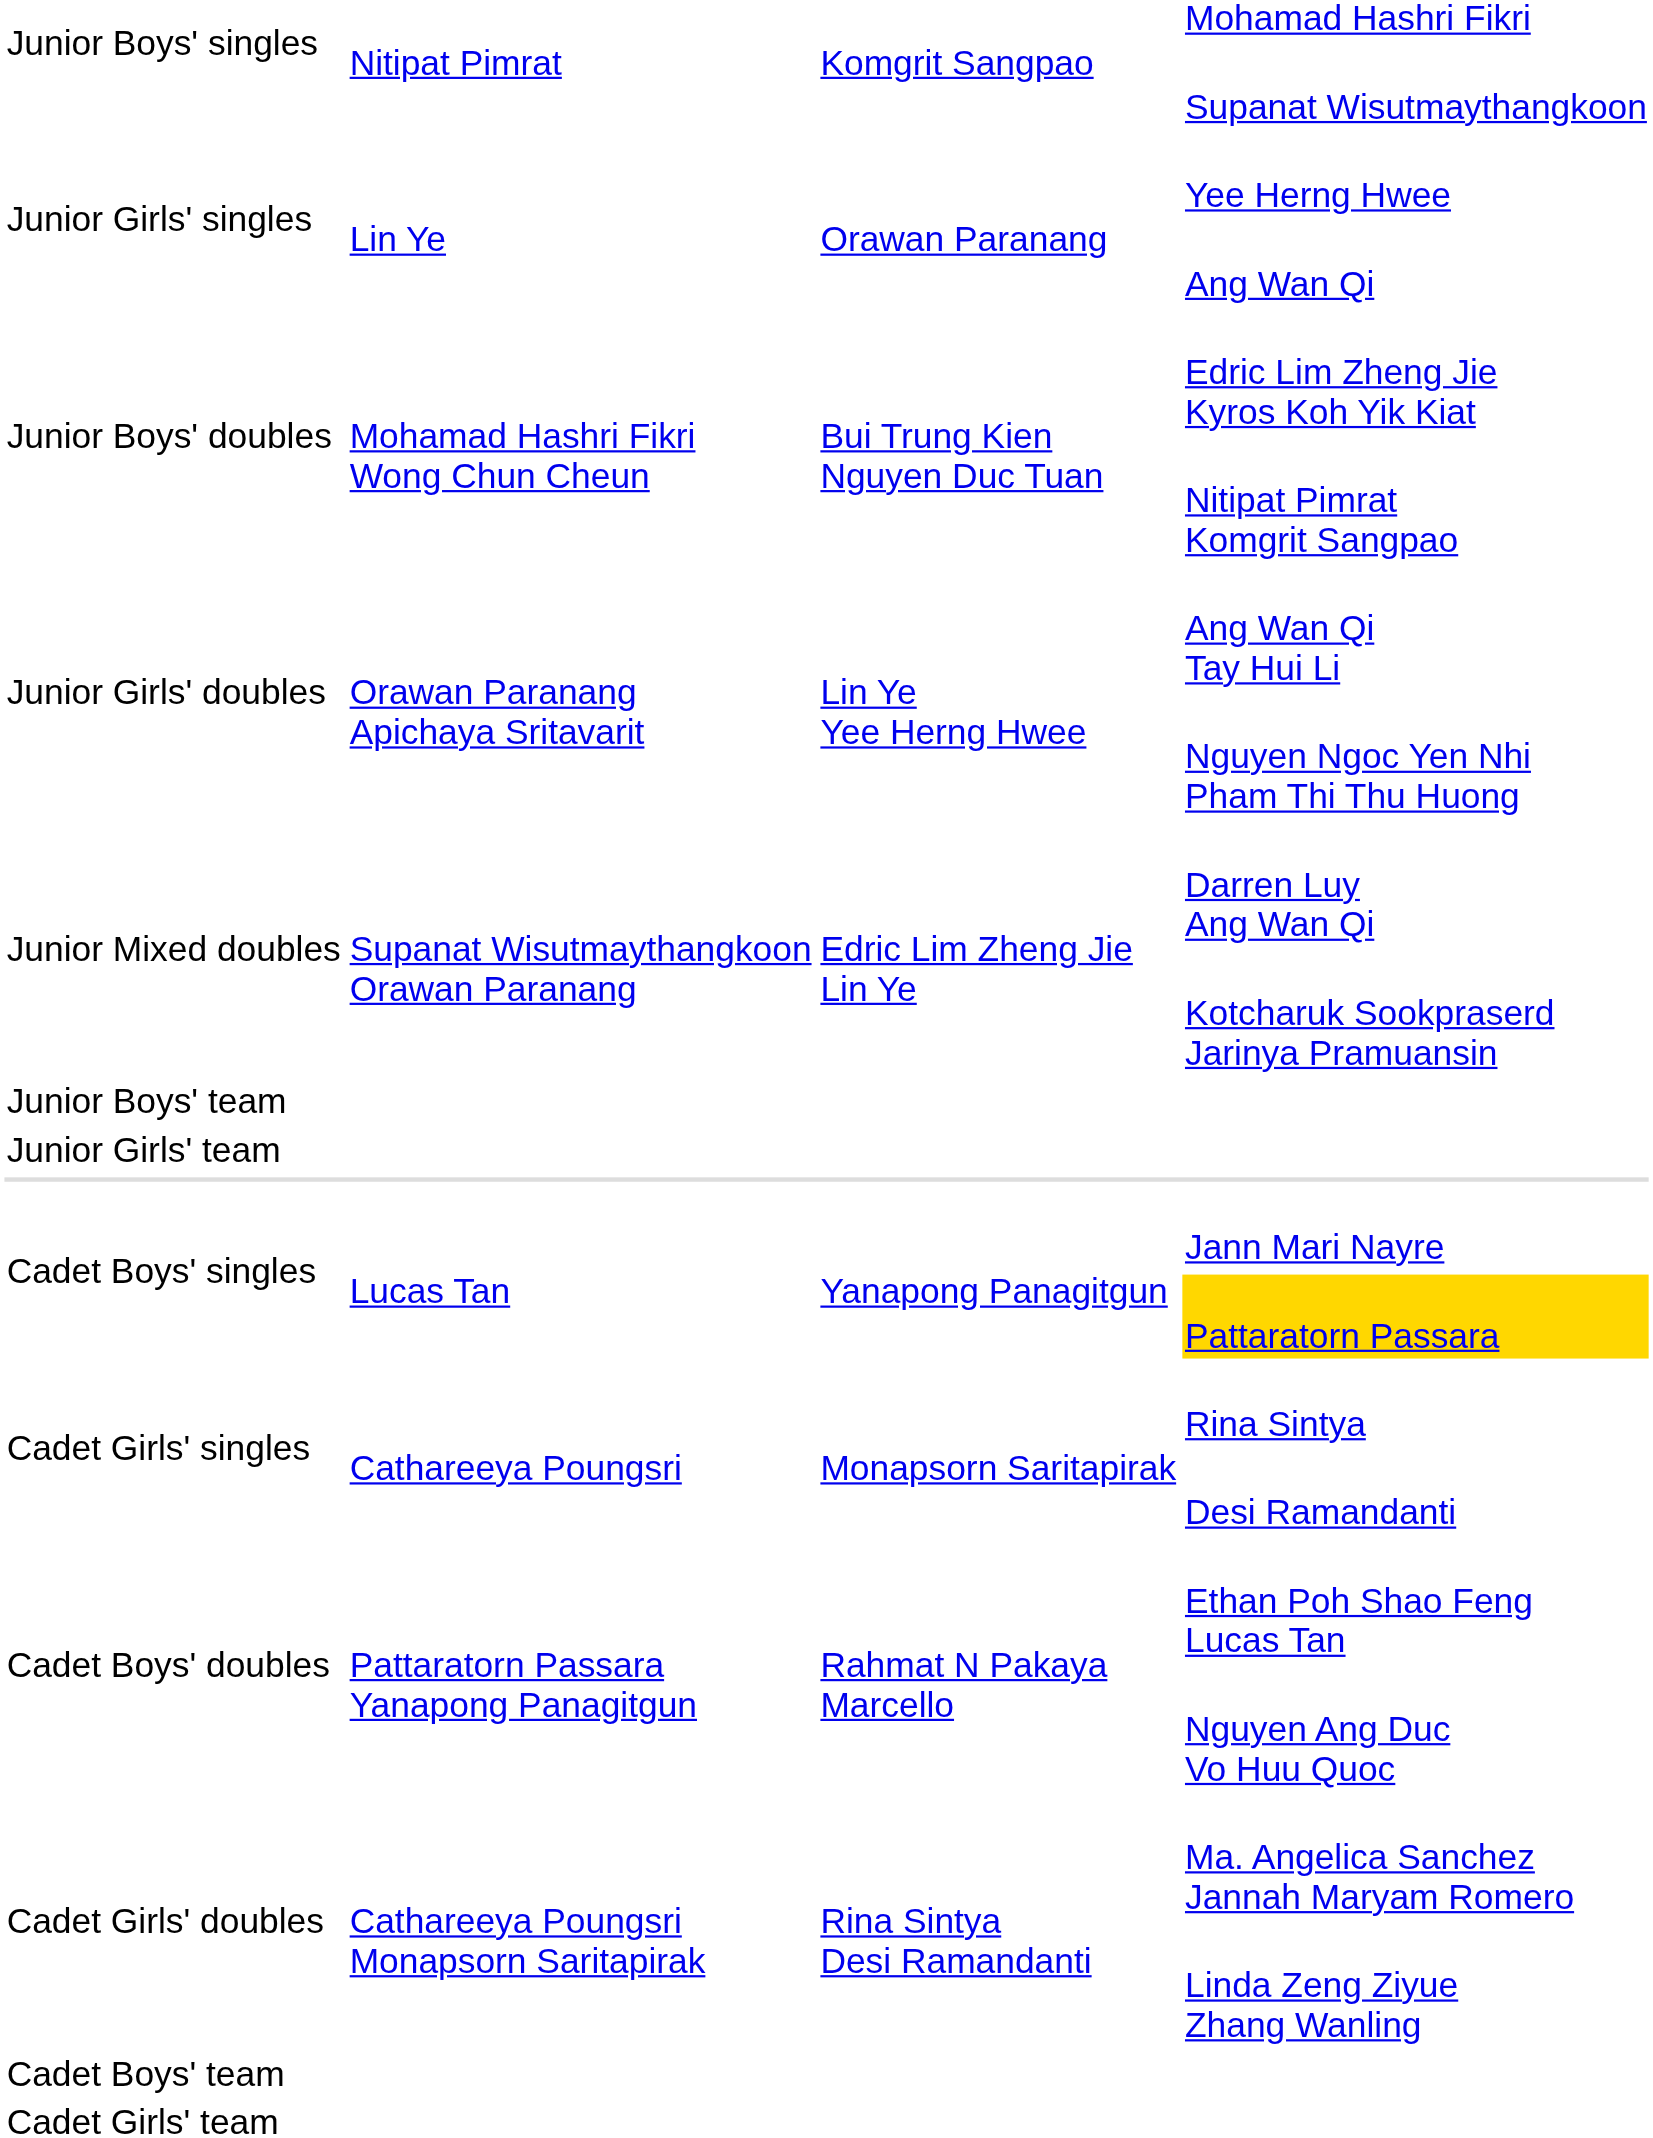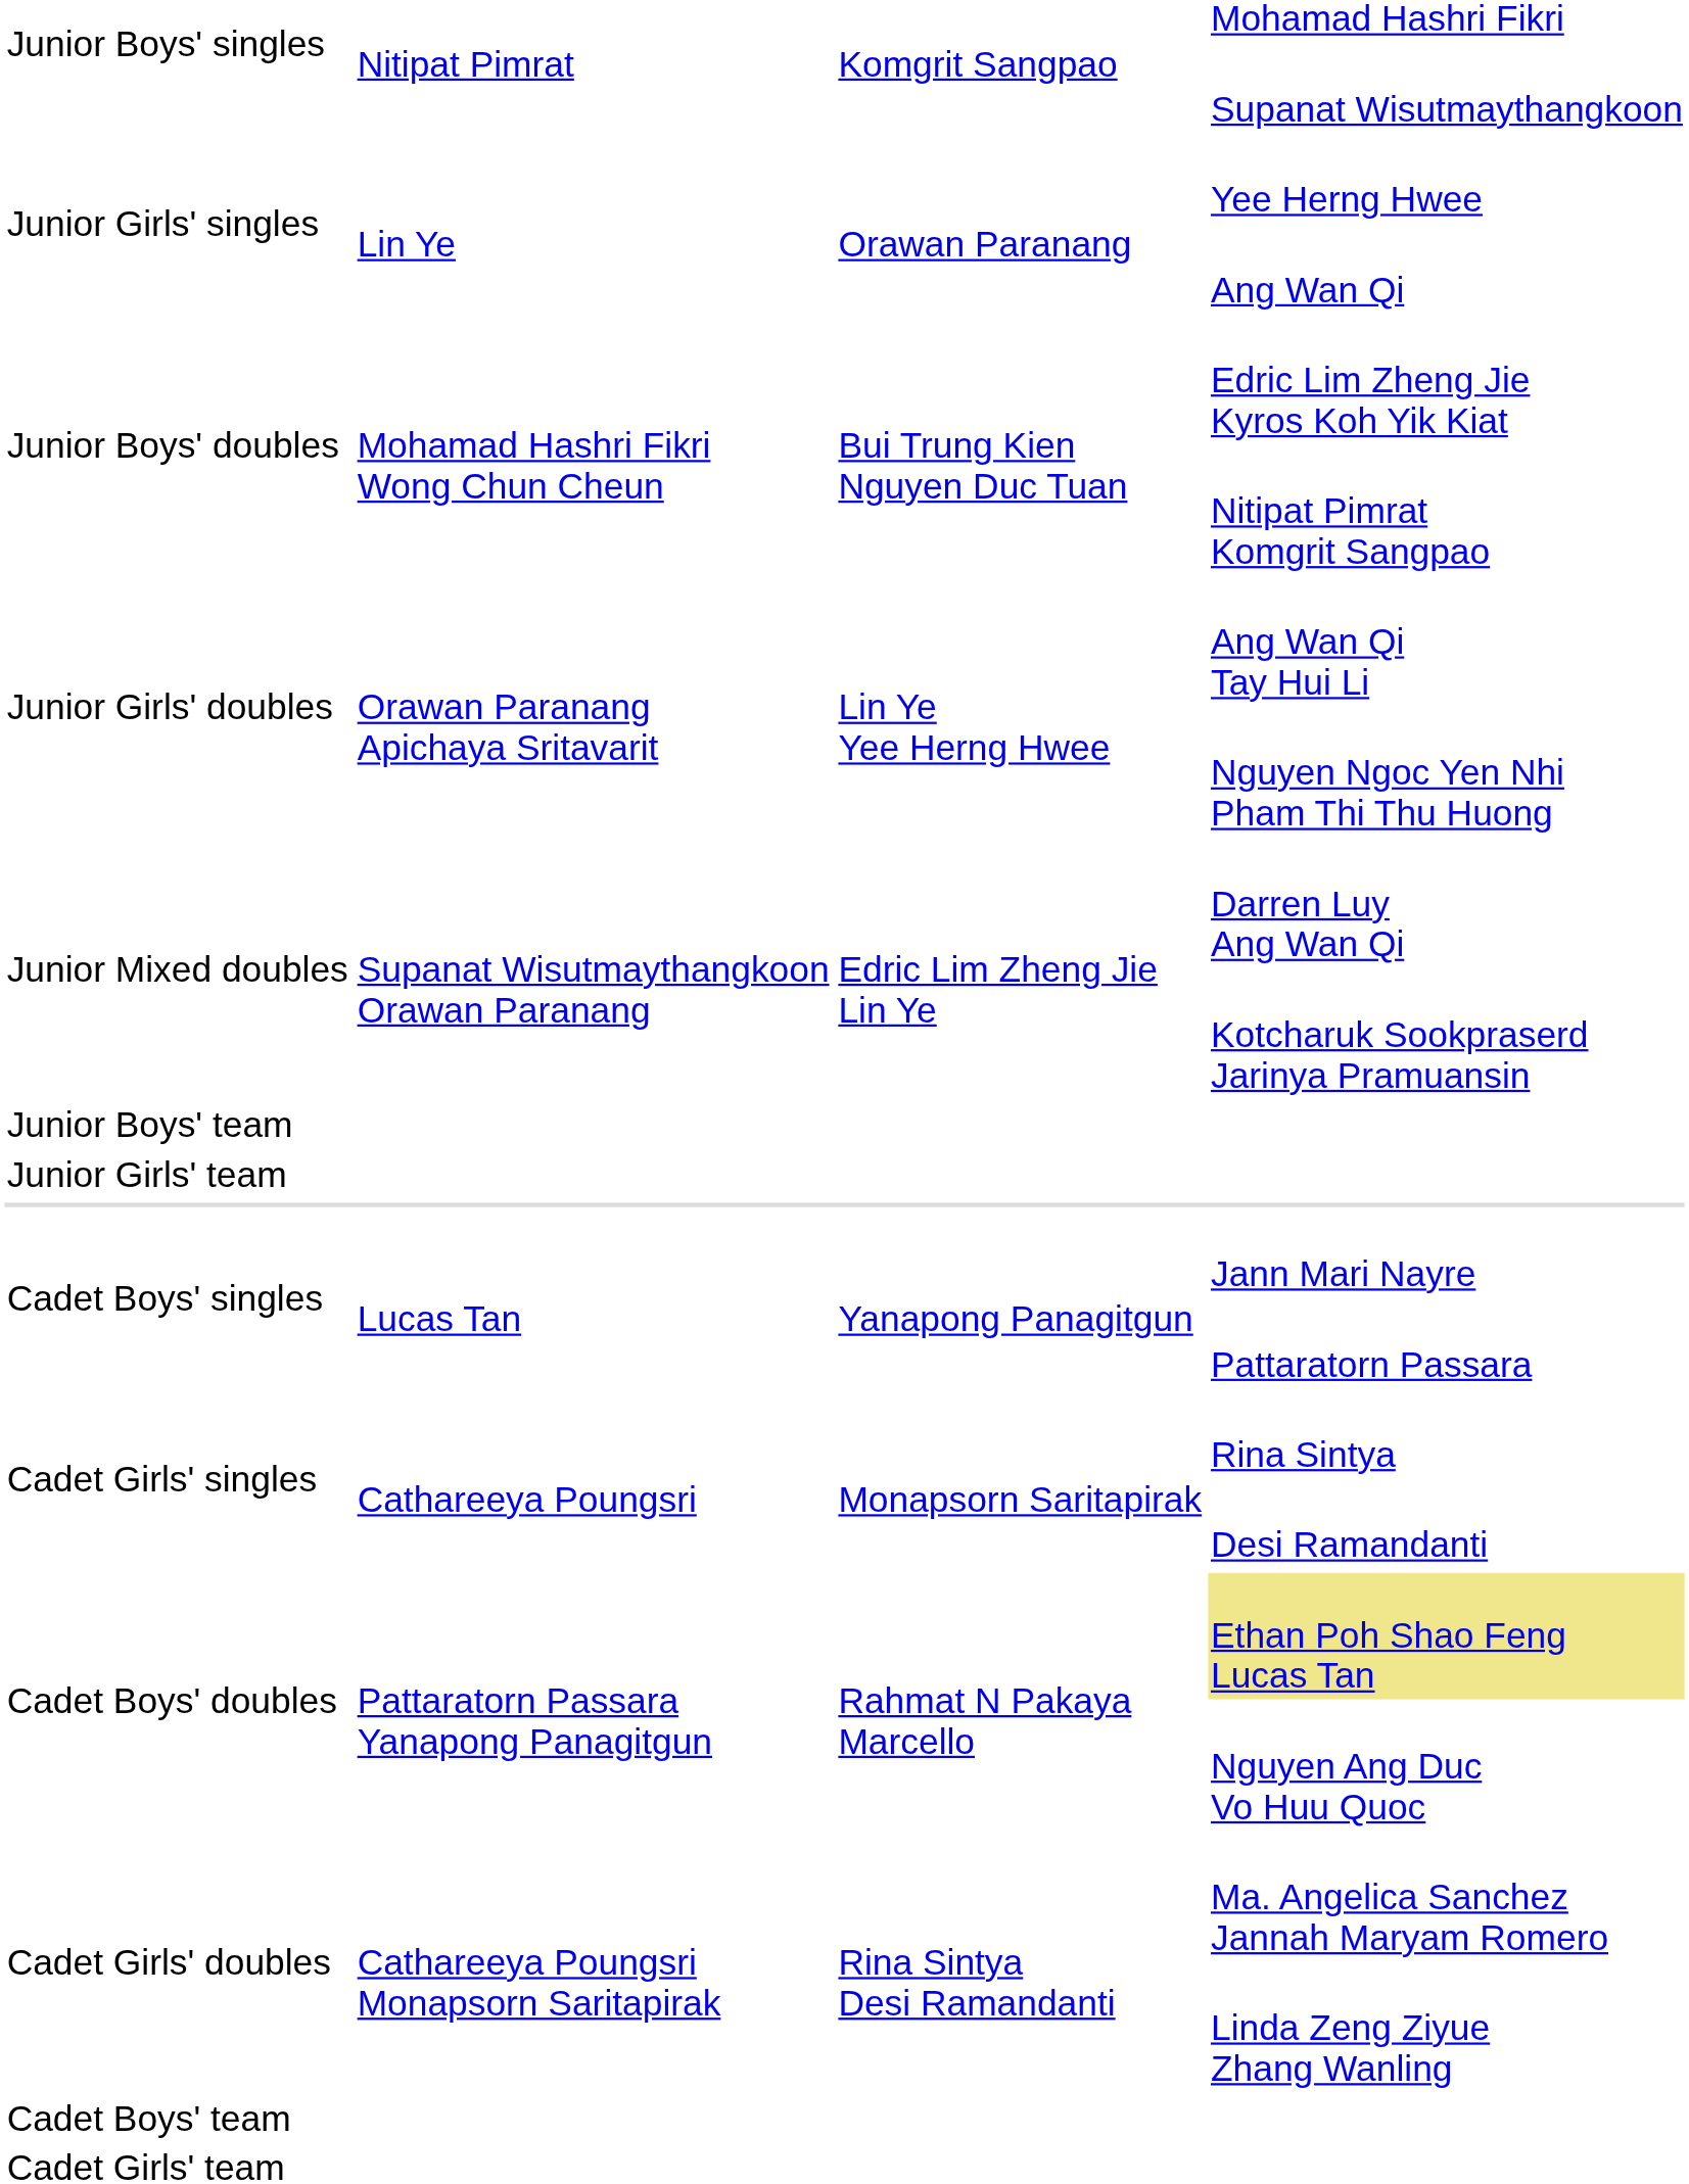 <table>
 <tr>
 <td rowspan=2>Junior Boys' singles</td>
 <td rowspan=2><br><a href='#'>Nitipat Pimrat</a></td>
 <td rowspan=2><br><a href='#'>Komgrit Sangpao</a></td>
 <td><br><a href='#'>Mohamad Hashri Fikri</a></td>
 </tr>
 <tr>
 <td><br><a href='#'>Supanat Wisutmaythangkoon</a></td>
 </tr>
 <tr>
 <td rowspan=2>Junior Girls' singles</td>
 <td rowspan=2><br><a href='#'>Lin Ye</a></td>
 <td rowspan=2><br><a href='#'>Orawan Paranang</a></td>
 <td><br><a href='#'>Yee Herng Hwee</a></td>
 </tr>
 <tr>
 <td><br><a href='#'>Ang Wan Qi</a></td>
 </tr>
 <tr>
 <td rowspan=2>Junior Boys' doubles</td>
 <td rowspan=2><br><a href='#'>Mohamad Hashri Fikri</a><br><a href='#'>Wong Chun Cheun</a></td>
 <td rowspan=2><br><a href='#'>Bui Trung Kien</a><br><a href='#'>Nguyen Duc Tuan</a></td>
 <td><br><a href='#'>Edric Lim Zheng Jie</a><br><a href='#'>Kyros Koh Yik Kiat</a></td>
 </tr>
 <tr>
 <td><br><a href='#'>Nitipat Pimrat</a><br><a href='#'>Komgrit Sangpao</a></td>
 </tr>
 <tr>
 <td rowspan=2>Junior Girls' doubles</td>
 <td rowspan=2><br><a href='#'>Orawan Paranang</a><br><a href='#'>Apichaya Sritavarit</a></td>
 <td rowspan=2><br><a href='#'>Lin Ye</a><br><a href='#'>Yee Herng Hwee</a></td>
 <td><br><a href='#'>Ang Wan Qi</a><br><a href='#'>Tay Hui Li</a></td>
 </tr>
 <tr>
 <td><br><a href='#'>Nguyen Ngoc Yen Nhi</a><br><a href='#'>Pham Thi Thu Huong</a></td>
 </tr>
 <tr>
 <td rowspan=2>Junior Mixed doubles</td>
 <td rowspan=2><br><a href='#'>Supanat Wisutmaythangkoon</a><br><a href='#'>Orawan Paranang</a></td>
 <td rowspan=2><br><a href='#'>Edric Lim Zheng Jie</a><br><a href='#'>Lin Ye</a></td>
 <td><br><a href='#'>Darren Luy</a><br><a href='#'>Ang Wan Qi</a></td>
 </tr>
 <tr>
 <td><br><a href='#'>Kotcharuk Sookpraserd</a><br><a href='#'>Jarinya Pramuansin</a></td>
 </tr>
 <tr>
 <td rowspan=2>Junior Boys' team</td>
 <td rowspan=2></td>
 <td rowspan=2></td>
 <td></td>
 </tr>
 <tr>
 <td></td>
 </tr>
 <tr>
 <td rowspan=2>Junior Girls' team</td>
 <td rowspan=2></td>
 <td rowspan=2></td>
 <td></td>
 </tr>
 <tr>
 <td></td>
 </tr>
 <tr style="background:#dddddd;">
 <td colspan=7></td>
 </tr>
 <tr>
 <td rowspan=2>Cadet Boys' singles</td>
 <td rowspan=2><br><a href='#'>Lucas Tan</a></td>
 <td rowspan=2><br><a href='#'>Yanapong Panagitgun</a></td>
 <td><br><a href='#'>Jann Mari Nayre</a></td>
 </tr>
 <tr>
-<td style="background: gold;"><br><a href='#'>Pattaratorn Passara</a></td>
+<td><br><a href='#'>Pattaratorn Passara</a></td>
 </tr>
 <tr>
 <td rowspan=2>Cadet Girls' singles</td>
 <td rowspan=2><br><a href='#'>Cathareeya Poungsri</a></td>
 <td rowspan=2><br><a href='#'>Monapsorn Saritapirak</a></td>
 <td><br><a href='#'>Rina Sintya</a></td>
 </tr>
 <tr>
 <td><br><a href='#'>Desi Ramandanti</a></td>
 </tr>
 <tr>
 <td rowspan=2>Cadet Boys' doubles</td>
 <td rowspan=2><br><a href='#'>Pattaratorn Passara</a><br><a href='#'>Yanapong Panagitgun</a></td>
 <td rowspan=2><br><a href='#'>Rahmat N Pakaya</a><br><a href='#'>Marcello</a></td>
-<td><br><a href='#'>Ethan Poh Shao Feng</a><br><a href='#'>Lucas Tan</a></td>
+<td style="background: khaki;"><br><a href='#'>Ethan Poh Shao Feng</a><br><a href='#'>Lucas Tan</a></td>
 </tr>
 <tr>
 <td><br><a href='#'>Nguyen Ang Duc</a><br><a href='#'>Vo Huu Quoc</a></td>
 </tr>
 <tr>
 <td rowspan=2>Cadet Girls' doubles</td>
 <td rowspan=2><br><a href='#'>Cathareeya Poungsri</a><br><a href='#'>Monapsorn Saritapirak</a></td>
 <td rowspan=2><br><a href='#'>Rina Sintya</a><br><a href='#'>Desi Ramandanti</a></td>
 <td><br><a href='#'>Ma. Angelica Sanchez</a><br><a href='#'>Jannah Maryam Romero</a></td>
 </tr>
 <tr>
 <td><br><a href='#'>Linda Zeng Ziyue</a><br><a href='#'>Zhang Wanling</a></td>
 </tr>
 <tr>
 <td rowspan=2>Cadet Boys' team</td>
 <td rowspan=2></td>
 <td rowspan=2></td>
 <td></td>
 </tr>
 <tr>
 <td></td>
 </tr>
 <tr>
 <td rowspan=2>Cadet Girls' team</td>
 <td rowspan=2></td>
 <td rowspan=2></td>
 <td></td>
 </tr>
 <tr>
 <td></td>
 </tr>
 </table>
